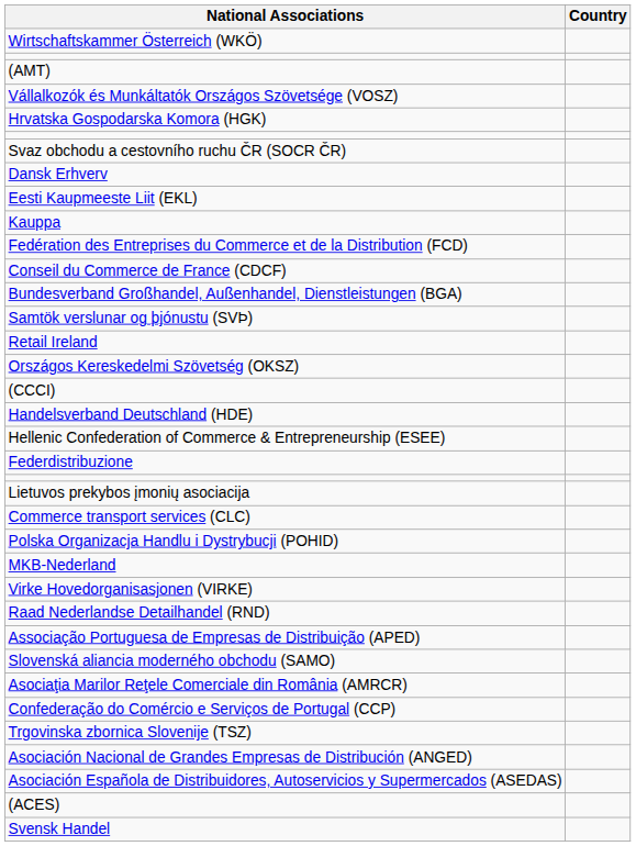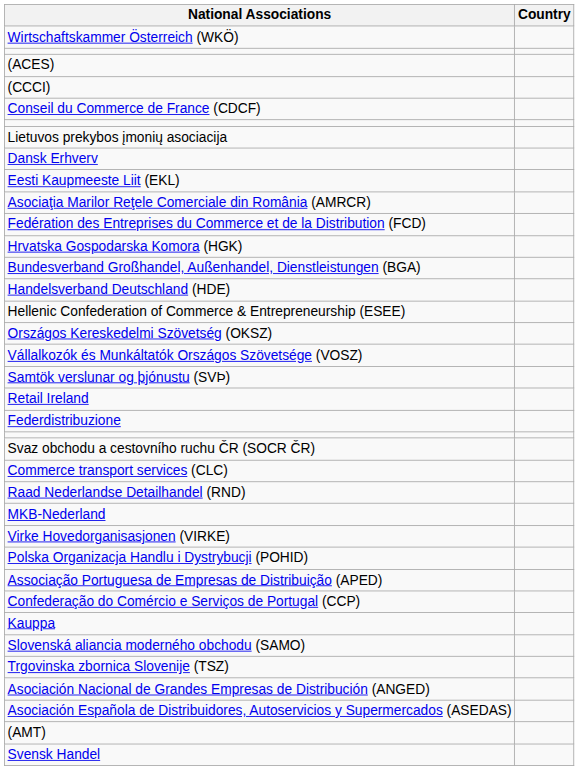 <table class="wikitable sortable">
 <tr>
 <th>National Associations</th>
 <th>Country</th>
 </tr>
 <tr>
 <td><a href='#'>Wirtschaftskammer Österreich</a> (WKÖ)</td>
 <td></td>
 </tr>
 <tr>
 <td></td>
 <td></td>
 </tr>
 <tr>
-<td> (AMT)</td>
+<td> (ACES)</td>
+<td></td>
+</tr>
+<tr>
+<td> (CCCI)</td>
+<td></td>
+</tr>
+<tr>
+<td><a href='#'>Conseil du Commerce de France</a> (CDCF)</td>
+<td></td>
+</tr>
+<tr>
+<td></td>
+<td></td>
+</tr>
+<tr>
+<td>Lietuvos prekybos įmonių asociacija</td>
+<td></td>
+</tr>
+<tr>
+<td><a href='#'>Dansk Erhverv</a></td>
+<td></td>
+</tr>
+<tr>
+<td><a href='#'>Eesti Kaupmeeste Liit</a> (EKL)</td>
+<td></td>
+</tr>
+<tr>
+<td><a href='#'>Asociaţia Marilor Reţele Comerciale din România</a> (AMRCR)</td>
+<td></td>
+</tr>
+<tr>
+<td><a href='#'>Fedération des Entreprises du Commerce et de la Distribution</a> (FCD)</td>
+<td></td>
+</tr>
+<tr>
+<td><a href='#'>Hrvatska Gospodarska Komora</a> (HGK)</td>
+<td></td>
+</tr>
+<tr>
+<td><a href='#'>Bundesverband Großhandel, Außenhandel, Dienstleistungen</a> (BGA)</td>
+<td></td>
+</tr>
+<tr>
+<td><a href='#'>Handelsverband Deutschland</a> (HDE)</td>
+<td></td>
+</tr>
+<tr>
+<td>Hellenic Confederation of Commerce & Entrepreneurship (ESEE)</td>
+<td></td>
+</tr>
+<tr>
+<td><a href='#'>Országos Kereskedelmi Szövetség</a> (OKSZ)</td>
 <td></td>
 </tr>
 <tr>
 <td><a href='#'>Vállalkozók és Munkáltatók Országos Szövetsége</a> (VOSZ)</td>
 <td></td>
 </tr>
 <tr>
-<td><a href='#'>Hrvatska Gospodarska Komora</a> (HGK)</td>
+<td><a href='#'>Samtök verslunar og þjónustu</a> (SVÞ)</td>
+<td></td>
+</tr>
+<tr>
+<td><a href='#'>Retail Ireland</a></td>
+<td></td>
+</tr>
+<tr>
+<td><a href='#'>Federdistribuzione</a></td>
 <td></td>
 </tr>
 <tr>
 <td></td>
 <td></td>
 </tr>
 <tr>
 <td>Svaz obchodu a cestovního ruchu ČR (SOCR ČR)</td>
 <td></td>
 </tr>
 <tr>
-<td><a href='#'>Dansk Erhverv</a></td>
-<td></td>
-</tr>
-<tr>
-<td><a href='#'>Eesti Kaupmeeste Liit</a> (EKL)</td>
-<td></td>
-</tr>
-<tr>
-<td><a href='#'>Kauppa</a></td>
-<td></td>
-</tr>
-<tr>
-<td><a href='#'>Fedération des Entreprises du Commerce et de la Distribution</a> (FCD)</td>
-<td></td>
-</tr>
-<tr>
-<td><a href='#'>Conseil du Commerce de France</a> (CDCF)</td>
-<td></td>
-</tr>
-<tr>
-<td><a href='#'>Bundesverband Großhandel, Außenhandel, Dienstleistungen</a> (BGA)</td>
-<td></td>
-</tr>
-<tr>
-<td><a href='#'>Samtök verslunar og þjónustu</a> (SVÞ)</td>
-<td></td>
-</tr>
-<tr>
-<td><a href='#'>Retail Ireland</a></td>
-<td></td>
-</tr>
-<tr>
-<td><a href='#'>Országos Kereskedelmi Szövetség</a> (OKSZ)</td>
-<td></td>
-</tr>
-<tr>
-<td> (CCCI)</td>
-<td></td>
-</tr>
-<tr>
-<td><a href='#'>Handelsverband Deutschland</a> (HDE)</td>
-<td></td>
-</tr>
-<tr>
-<td>Hellenic Confederation of Commerce & Entrepreneurship (ESEE)</td>
-<td></td>
-</tr>
-<tr>
-<td><a href='#'>Federdistribuzione</a></td>
-<td></td>
-</tr>
-<tr>
-<td></td>
-<td></td>
-</tr>
-<tr>
-<td>Lietuvos prekybos įmonių asociacija</td>
-<td></td>
-</tr>
-<tr>
 <td><a href='#'>Commerce transport services</a> (CLC)</td>
 <td></td>
 </tr>
 <tr>
-<td><a href='#'>Polska Organizacja Handlu i Dystrybucji</a> (POHID)</td>
+<td><a href='#'>Raad Nederlandse Detailhandel</a> (RND)</td>
 <td></td>
 </tr>
 <tr>
 <td><a href='#'>MKB-Nederland</a></td>
 <td></td>
 </tr>
 <tr>
 <td><a href='#'>Virke Hovedorganisasjonen</a> (VIRKE)</td>
 <td></td>
 </tr>
 <tr>
-<td><a href='#'>Raad Nederlandse Detailhandel</a> (RND)</td>
+<td><a href='#'>Polska Organizacja Handlu i Dystrybucji</a> (POHID)</td>
 <td></td>
 </tr>
 <tr>
 <td><a href='#'>Associação Portuguesa de Empresas de Distribuição</a> (APED)</td>
 <td></td>
 </tr>
 <tr>
-<td><a href='#'>Slovenská aliancia moderného obchodu</a> (SAMO)</td>
+<td><a href='#'>Confederação do Comércio e Serviços de Portugal</a> (CCP)</td>
 <td></td>
 </tr>
 <tr>
-<td><a href='#'>Asociaţia Marilor Reţele Comerciale din România</a> (AMRCR)</td>
+<td><a href='#'>Kauppa</a></td>
 <td></td>
 </tr>
 <tr>
-<td><a href='#'>Confederação do Comércio e Serviços de Portugal</a> (CCP)</td>
+<td><a href='#'>Slovenská aliancia moderného obchodu</a> (SAMO)</td>
 <td></td>
 </tr>
 <tr>
 <td><a href='#'>Trgovinska zbornica Slovenije</a> (TSZ)</td>
 <td></td>
 </tr>
 <tr>
 <td><a href='#'>Asociación Nacional de Grandes Empresas de Distribución</a> (ANGED)</td>
 <td></td>
 </tr>
 <tr>
 <td><a href='#'>Asociación Española de Distribuidores, Autoservicios y Supermercados</a> (ASEDAS)</td>
 <td></td>
 </tr>
 <tr>
-<td> (ACES)</td>
+<td> (AMT)</td>
 <td></td>
 </tr>
 <tr>
 <td><a href='#'>Svensk Handel</a></td>
 <td></td>
 </tr>
 </table>
